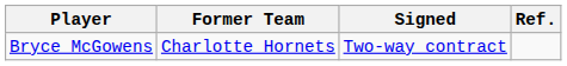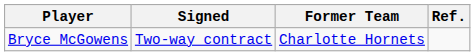 <table class="wikitable sortable sortable" style="text-align: center">
 <tr>
 <th>Player</th>
+<th>Signed</th>
 <th>Former Team</th>
-<th>Signed</th>
 <th>Ref.</th>
 </tr>
 <tr>
 <td><a href='#'>Bryce McGowens</a></td>
+<td><a href='#'>Two-way contract</a></td>
 <td><a href='#'>Charlotte Hornets</a></td>
-<td><a href='#'>Two-way contract</a></td>
 <td></td>
 </tr>
 </table>
